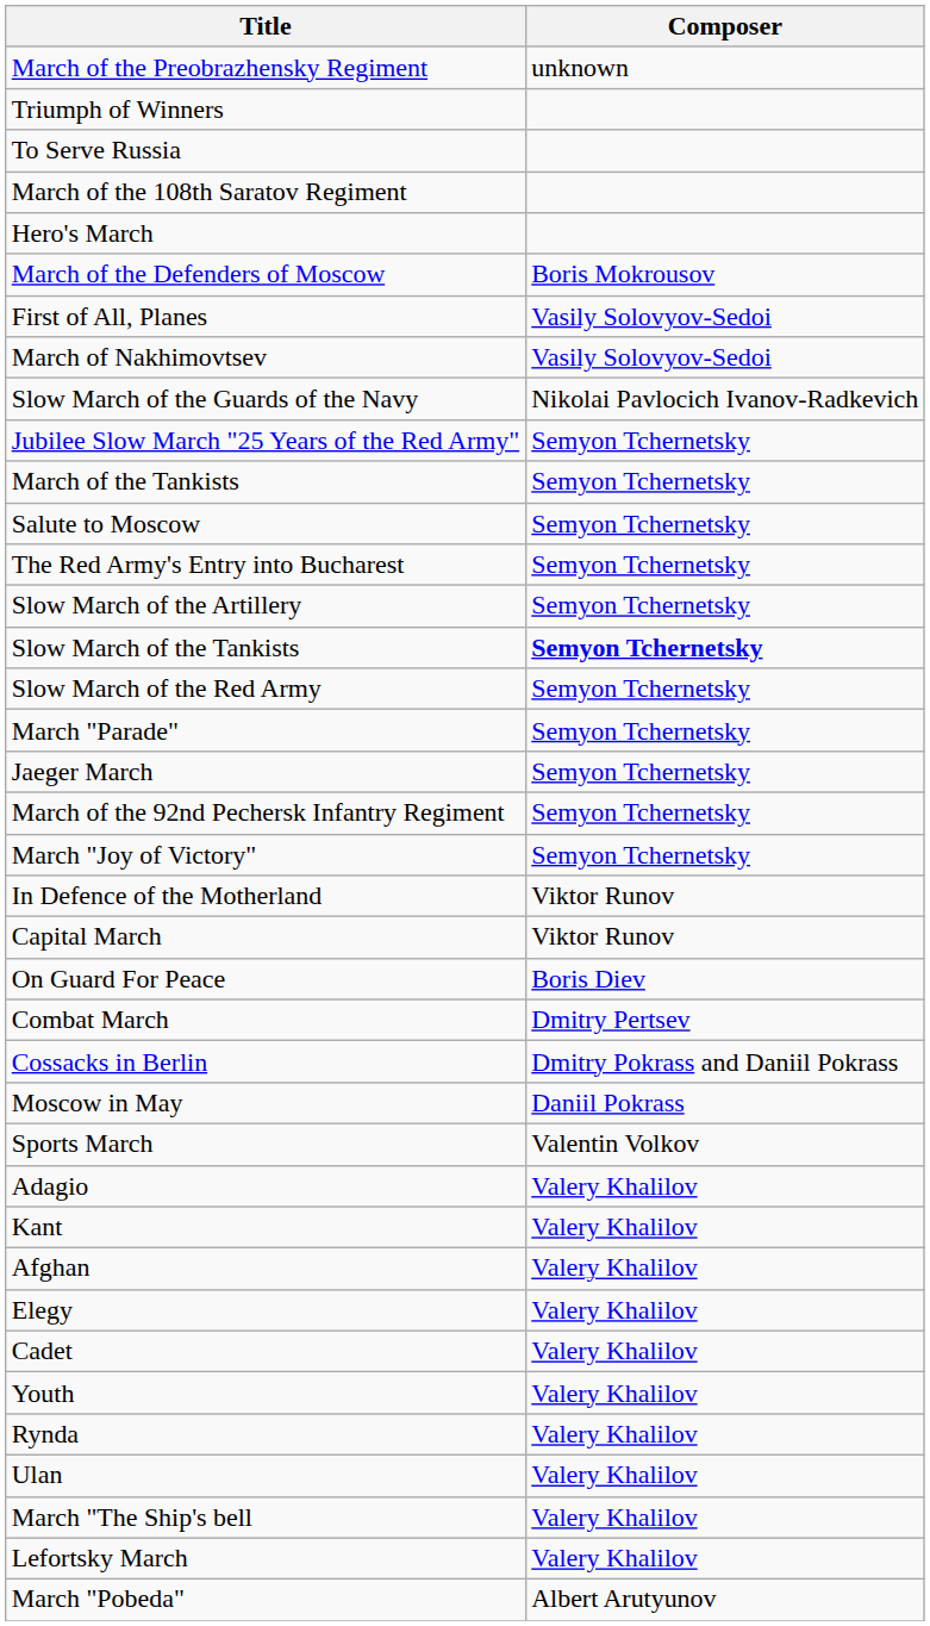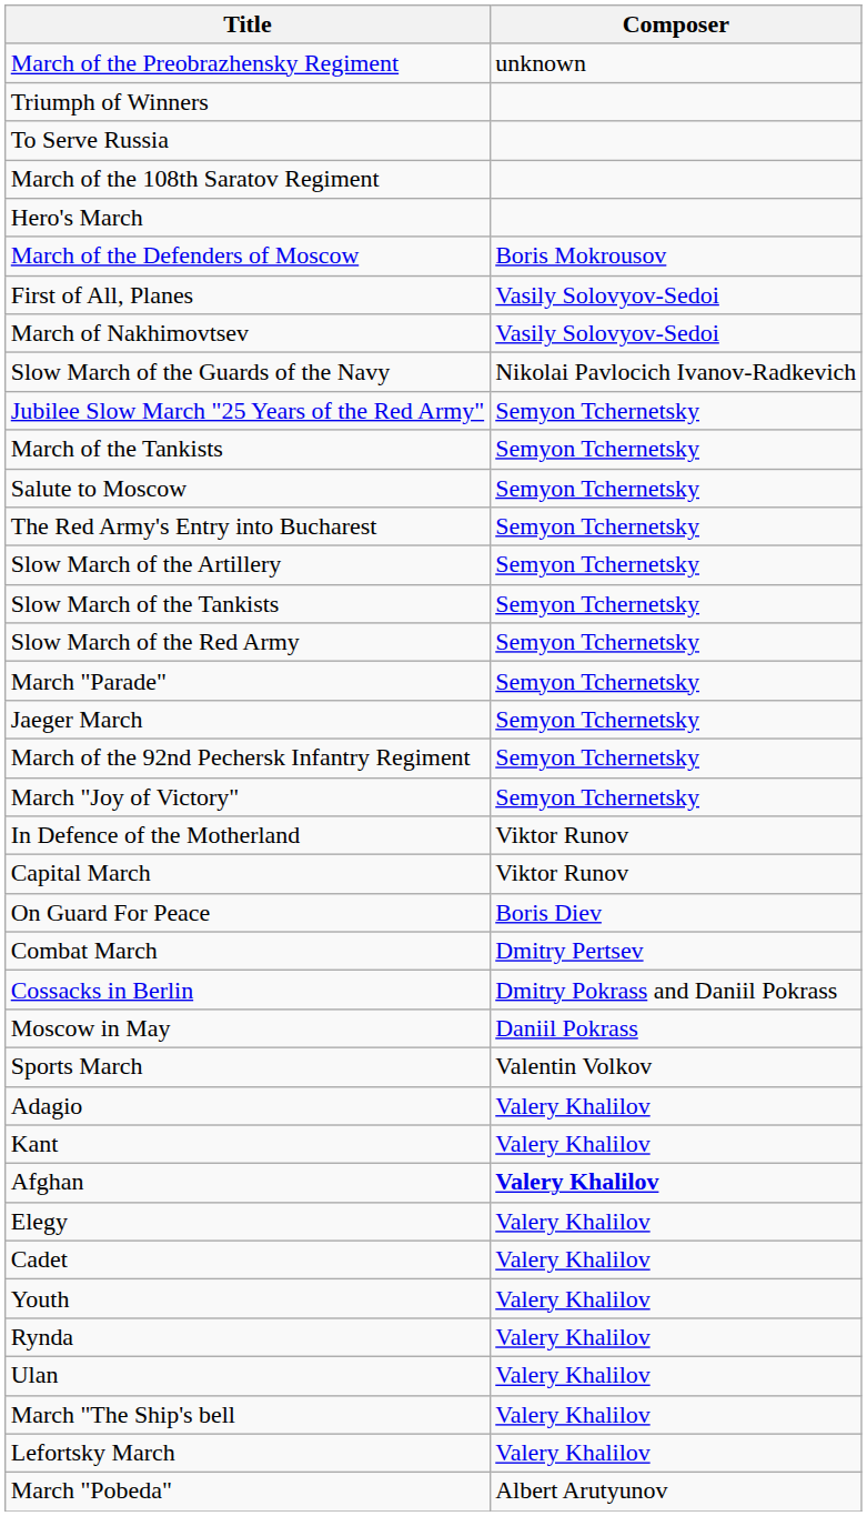 <table class="wikitable">
 <tr>
 <th>Title</th>
 <th>Composer</th>
 </tr>
 <tr>
 <td><a href='#'>March of the Preobrazhensky Regiment</a></td>
 <td>unknown</td>
 </tr>
 <tr>
 <td>Triumph of Winners</td>
 <td></td>
 </tr>
 <tr>
 <td>To Serve Russia</td>
 <td></td>
 </tr>
 <tr>
 <td>March of the 108th Saratov Regiment</td>
 <td></td>
 </tr>
 <tr>
 <td>Hero's March</td>
 <td></td>
 </tr>
 <tr>
 <td><a href='#'>March of the Defenders of Moscow</a></td>
 <td><a href='#'>Boris Mokrousov</a></td>
 </tr>
 <tr>
 <td>First of All, Planes</td>
 <td><a href='#'>Vasily Solovyov-Sedoi</a></td>
 </tr>
 <tr>
 <td>March of Nakhimovtsev</td>
 <td><a href='#'>Vasily Solovyov-Sedoi</a></td>
 </tr>
 <tr>
 <td>Slow March of the Guards of the Navy</td>
 <td>Nikolai Pavlocich Ivanov-Radkevich</td>
 </tr>
 <tr>
 <td><a href='#'>Jubilee Slow March "25 Years of the Red Army"</a></td>
 <td><a href='#'>Semyon Tchernetsky</a></td>
 </tr>
 <tr>
 <td>March of the Tankists</td>
 <td><a href='#'>Semyon Tchernetsky</a></td>
 </tr>
 <tr>
 <td>Salute to Moscow</td>
 <td><a href='#'>Semyon Tchernetsky</a></td>
 </tr>
 <tr>
 <td>The Red Army's Entry into Bucharest</td>
 <td><a href='#'>Semyon Tchernetsky</a></td>
 </tr>
 <tr>
 <td>Slow March of the Artillery</td>
 <td><a href='#'>Semyon Tchernetsky</a></td>
 </tr>
 <tr>
 <td>Slow March of the Tankists</td>
-<td><strong><a href='#'>Semyon Tchernetsky</a></strong></td>
+<td><a href='#'>Semyon Tchernetsky</a></td>
 </tr>
 <tr>
 <td>Slow March of the Red Army</td>
 <td><a href='#'>Semyon Tchernetsky</a></td>
 </tr>
 <tr>
 <td>March "Parade"</td>
 <td><a href='#'>Semyon Tchernetsky</a></td>
 </tr>
 <tr>
 <td>Jaeger March</td>
 <td><a href='#'>Semyon Tchernetsky</a></td>
 </tr>
 <tr>
 <td>March of the 92nd Pechersk Infantry Regiment</td>
 <td><a href='#'>Semyon Tchernetsky</a></td>
 </tr>
 <tr>
 <td>March "Joy of Victory"</td>
 <td><a href='#'>Semyon Tchernetsky</a></td>
 </tr>
 <tr>
 <td>In Defence of the Motherland</td>
 <td>Viktor Runov</td>
 </tr>
 <tr>
 <td>Capital March</td>
 <td>Viktor Runov</td>
 </tr>
 <tr>
 <td>On Guard For Peace</td>
 <td><a href='#'>Boris Diev</a></td>
 </tr>
 <tr>
 <td>Combat March</td>
 <td><a href='#'>Dmitry Pertsev</a></td>
 </tr>
 <tr>
 <td><a href='#'>Cossacks in Berlin</a></td>
 <td><a href='#'>Dmitry Pokrass</a> and Daniil Pokrass</td>
 </tr>
 <tr>
 <td>Moscow in May</td>
 <td><a href='#'>Daniil Pokrass</a></td>
 </tr>
 <tr>
 <td>Sports March</td>
 <td>Valentin Volkov</td>
 </tr>
 <tr>
 <td>Adagio</td>
 <td><a href='#'>Valery Khalilov</a></td>
 </tr>
 <tr>
 <td>Kant</td>
 <td><a href='#'>Valery Khalilov</a></td>
 </tr>
 <tr>
 <td>Afghan</td>
-<td><a href='#'>Valery Khalilov</a></td>
+<td><strong><a href='#'>Valery Khalilov</a></strong></td>
 </tr>
 <tr>
 <td>Elegy</td>
 <td><a href='#'>Valery Khalilov</a></td>
 </tr>
 <tr>
 <td>Cadet</td>
 <td><a href='#'>Valery Khalilov</a></td>
 </tr>
 <tr>
 <td>Youth</td>
 <td><a href='#'>Valery Khalilov</a></td>
 </tr>
 <tr>
 <td>Rynda</td>
 <td><a href='#'>Valery Khalilov</a></td>
 </tr>
 <tr>
 <td>Ulan</td>
 <td><a href='#'>Valery Khalilov</a></td>
 </tr>
 <tr>
 <td>March "The Ship's bell</td>
 <td><a href='#'>Valery Khalilov</a></td>
 </tr>
 <tr>
 <td>Lefortsky March</td>
 <td><a href='#'>Valery Khalilov</a></td>
 </tr>
 <tr>
 <td>March "Pobeda"</td>
 <td>Albert Arutyunov</td>
 </tr>
 </table>
